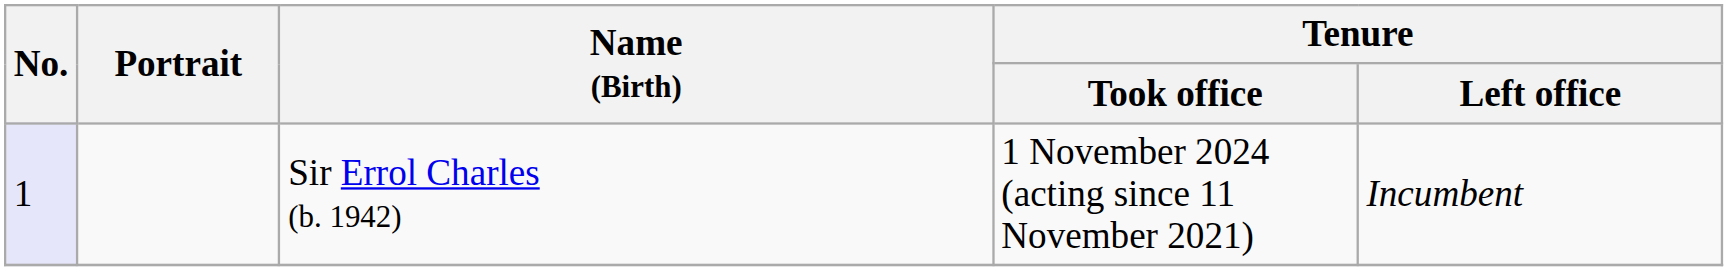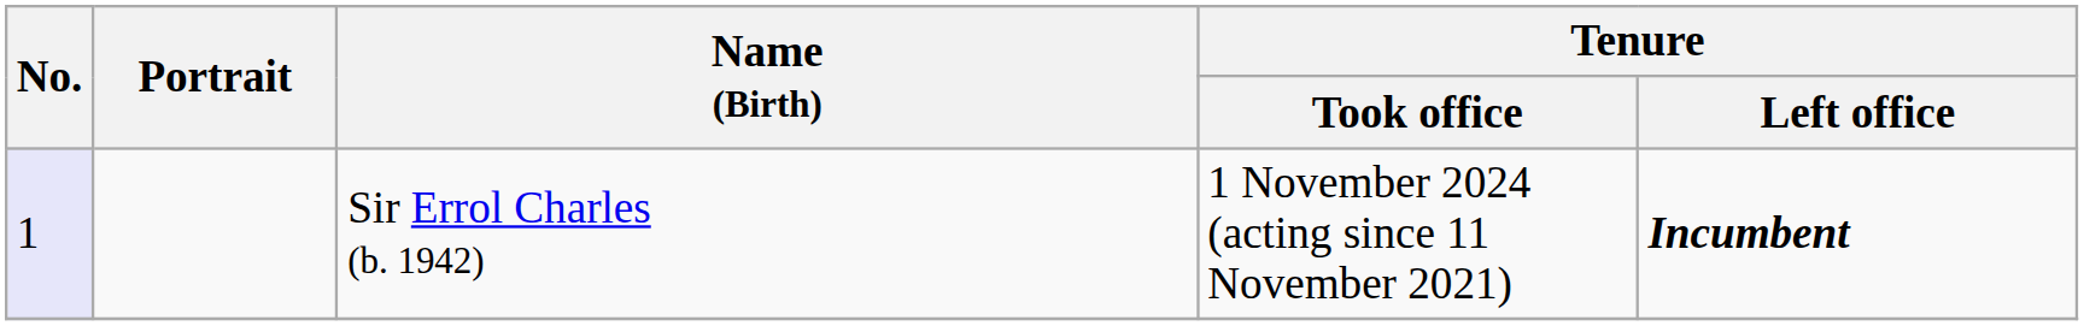 <table class="wikitable">
 <tr>
 <th scope="col" style="width:20px;" rowspan="2">No.</th>
 <th scope="col" style="width:80px;" rowspan="2">Portrait</th>
 <th scope="col" style="width:300px;" rowspan="2">Name<br><small>(Birth)</small></th>
 <th scope="col" style="width:300px;" colspan="2">Tenure</th>
 </tr>
 <tr>
 <th scope="col" style="width:150px;">Took office</th>
 <th scope="col" style="width:150px;">Left office</th>
 </tr>
 <tr>
 <td style="background: lavender;">1</td>
 <td style="text-align: center;"></td>
 <td>Sir <a href='#'>Errol Charles</a><br><small>(b. 1942)</small></td>
 <td>1 November 2024 (acting since 11 November 2021)</td>
-<td><em>Incumbent</em></td>
+<td><strong><em>Incumbent</em></strong></td>
 </tr>
 <tr>
 </tr>
 </table>
